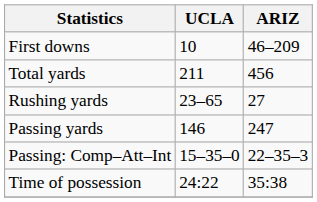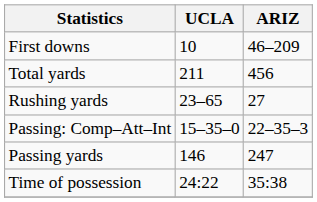 <table class="wikitable" style="float: left;">
 <tr>
 <th>Statistics</th>
 <th>UCLA</th>
 <th>ARIZ</th>
 </tr>
 <tr>
 <td>First downs</td>
 <td>10</td>
 <td>46–209</td>
 </tr>
 <tr>
 <td>Total yards</td>
 <td>211</td>
 <td>456</td>
 </tr>
 <tr>
 <td>Rushing yards</td>
 <td>23–65</td>
 <td>27</td>
 </tr>
 <tr>
+<td>Passing: Comp–Att–Int</td>
+<td>15–35–0</td>
+<td>22–35–3</td>
+</tr>
+<tr>
 <td>Passing yards</td>
 <td>146</td>
 <td>247</td>
-</tr>
-<tr>
-<td>Passing: Comp–Att–Int</td>
-<td>15–35–0</td>
-<td>22–35–3</td>
 </tr>
 <tr>
 <td>Time of possession</td>
 <td>24:22</td>
 <td>35:38</td>
 </tr>
 <tr>
 </tr>
 </table>
